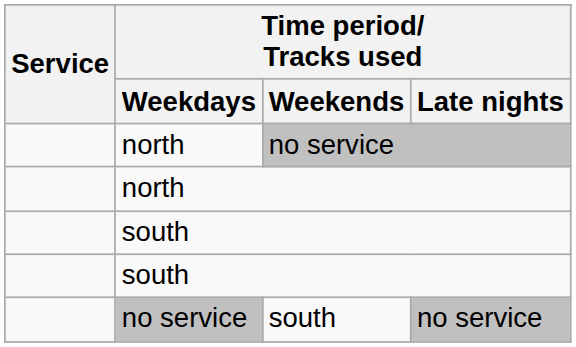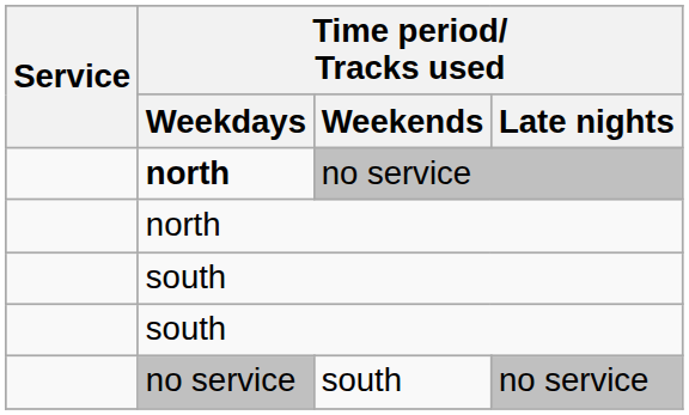 <table class="wikitable">
 <tr>
 <th rowspan=2>Service</th>
 <th colspan=3>Time period/<br>Tracks used</th>
 </tr>
 <tr>
 <th>Weekdays</th>
 <th>Weekends</th>
 <th>Late nights</th>
 </tr>
 <tr>
 <td></td>
-<td>north</td>
+<td><strong>north</strong></td>
 <td colspan=2 bgcolor=silver>no service</td>
 </tr>
 <tr>
 <td></td>
 <td colspan=3>north</td>
 </tr>
 <tr>
 <td></td>
 <td colspan=3>south</td>
 </tr>
 <tr>
 <td></td>
 <td colspan=3>south</td>
 </tr>
 <tr>
 <td></td>
 <td bgcolor=silver>no service</td>
 <td>south</td>
 <td bgcolor=silver>no service</td>
 </tr>
 </table>
